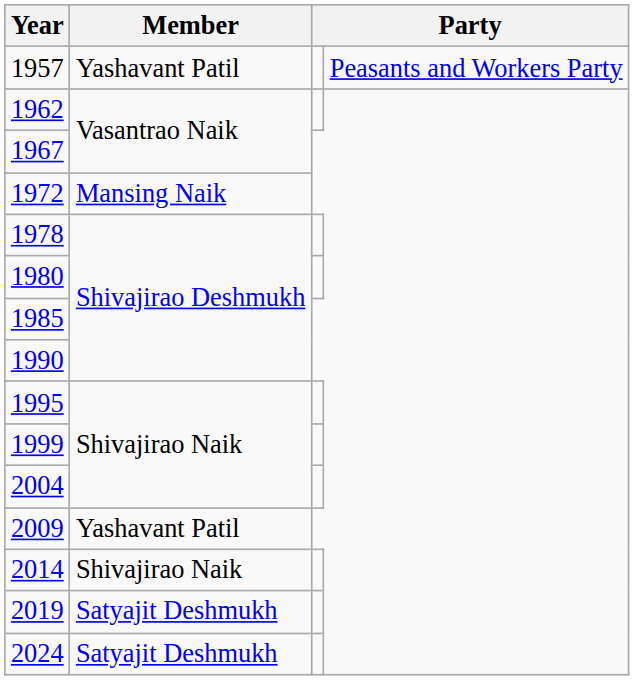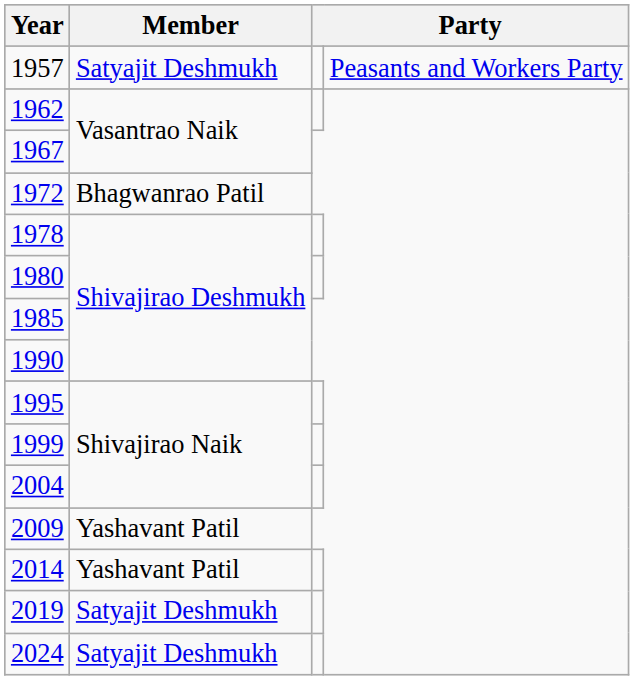 <table class="wikitable">
 <tr>
 <th>Year</th>
 <th>Member</th>
 <th colspan=2>Party</th>
 </tr>
 <tr [[1957 Bombay State Legislative Assembly election. |->
 <td>1957</td>
-<td>Yashavant Patil</td>
+<td><a href='#'>Satyajit Deshmukh</a></td>
 <td style="background-color: "></td>
 <td><a href='#'>Peasants and Workers Party</a></td>
 </tr>
 <tr>
 <td><a href='#'>1962</a></td>
 <td rowspan="2">Vasantrao Naik</td>
 <td></td>
 </tr>
 <tr>
 <td><a href='#'>1967</a></td>
 </tr>
 <tr>
 <td><a href='#'>1972</a></td>
-<td><a href='#'>Mansing Naik</a></td>
+<td>Bhagwanrao Patil</td>
 </tr>
 <tr>
 <td><a href='#'>1978</a></td>
 <td rowspan=4><a href='#'>Shivajirao Deshmukh</a></td>
 <td></td>
 </tr>
 <tr>
 <td><a href='#'>1980</a></td>
 <td></td>
 </tr>
 <tr>
 <td><a href='#'>1985</a></td>
 </tr>
 <tr>
 <td><a href='#'>1990</a></td>
 </tr>
 <tr>
 <td><a href='#'>1995</a></td>
 <td rowspan=3>Shivajirao Naik</td>
 <td></td>
 </tr>
 <tr>
 <td><a href='#'>1999</a></td>
 <td></td>
 </tr>
 <tr>
 <td><a href='#'>2004</a></td>
 <td></td>
 </tr>
 <tr>
 <td><a href='#'>2009</a></td>
 <td>Yashavant Patil</td>
 </tr>
 <tr>
 <td><a href='#'>2014</a></td>
-<td>Shivajirao Naik</td>
+<td>Yashavant Patil</td>
 <td></td>
 </tr>
 <tr>
 <td><a href='#'>2019</a></td>
 <td><a href='#'>Satyajit Deshmukh</a></td>
 <td></td>
 </tr>
 <tr>
 <td><a href='#'>2024</a></td>
 <td><a href='#'>Satyajit Deshmukh</a></td>
 <td></td>
 </tr>
 </table>
